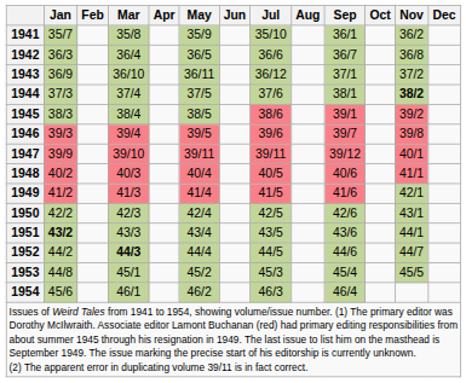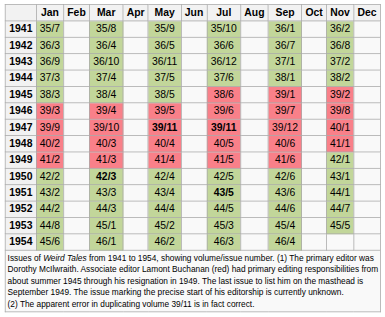 <table class="wikitable" style="font-size: 10pt; line-height: 11pt; margin-left: 2em; text-align: center; float: right">
 <tr>
 <th></th>
 <th>Jan</th>
 <th>Feb</th>
 <th>Mar</th>
 <th>Apr</th>
 <th>May</th>
 <th>Jun</th>
 <th>Jul</th>
 <th>Aug</th>
 <th>Sep</th>
 <th>Oct</th>
 <th>Nov</th>
 <th>Dec</th>
 </tr>
 <tr>
 <th>1941</th>
 <td style="background:#c2d69a;">35/7</td>
 <td></td>
 <td style="background:#c2d69a;">35/8</td>
 <td></td>
 <td style="background:#c2d69a;">35/9</td>
 <td></td>
 <td style="background:#c2d69a;">35/10</td>
 <td></td>
 <td style="background:#c2d69a;">36/1</td>
 <td></td>
 <td style="background:#c2d69a;">36/2</td>
 <td></td>
 </tr>
 <tr>
 <th>1942</th>
 <td style="background:#c2d69a;">36/3</td>
 <td></td>
 <td style="background:#c2d69a;">36/4</td>
 <td></td>
 <td style="background:#c2d69a;">36/5</td>
 <td></td>
 <td style="background:#c2d69a;">36/6</td>
 <td></td>
 <td style="background:#c2d69a;">36/7</td>
 <td></td>
 <td style="background:#c2d69a;">36/8</td>
 <td></td>
 </tr>
 <tr>
 <th>1943</th>
 <td style="background:#c2d69a;">36/9</td>
 <td></td>
 <td style="background:#c2d69a;">36/10</td>
 <td></td>
 <td style="background:#c2d69a;">36/11</td>
 <td></td>
 <td style="background:#c2d69a;">36/12</td>
 <td></td>
 <td style="background:#c2d69a;">37/1</td>
 <td></td>
 <td style="background:#c2d69a;">37/2</td>
 <td></td>
 </tr>
 <tr>
 <th>1944</th>
 <td style="background:#c2d69a;">37/3</td>
 <td></td>
 <td style="background:#c2d69a;">37/4</td>
 <td></td>
 <td style="background:#c2d69a;">37/5</td>
 <td></td>
 <td style="background:#c2d69a;">37/6</td>
 <td></td>
 <td style="background:#c2d69a;">38/1</td>
 <td></td>
-<td style="background:#c2d69a;"><strong>38/2</strong></td>
+<td style="background:#c2d69a;">38/2</td>
 <td></td>
 </tr>
 <tr>
 <th>1945</th>
 <td style="background:#c2d69a;">38/3</td>
 <td></td>
 <td style="background:#c2d69a;">38/4</td>
 <td></td>
 <td style="background:#c2d69a;">38/5</td>
 <td></td>
 <td style="background:#f98089;">38/6</td>
 <td></td>
 <td style="background:#f98089;">39/1</td>
 <td></td>
 <td style="background:#f98089;">39/2</td>
 <td></td>
 </tr>
 <tr>
 <th>1946</th>
 <td style="background:#f98089;">39/3</td>
 <td></td>
 <td style="background:#f98089;">39/4</td>
 <td></td>
 <td style="background:#f98089;">39/5</td>
 <td></td>
 <td style="background:#f98089;">39/6</td>
 <td></td>
 <td style="background:#f98089;">39/7</td>
 <td></td>
 <td style="background:#f98089;">39/8</td>
 <td></td>
 </tr>
 <tr>
 <th>1947</th>
 <td style="background:#f98089;">39/9</td>
 <td></td>
 <td style="background:#f98089;">39/10</td>
 <td></td>
-<td style="background:#f98089;">39/11</td>
+<td style="background:#f98089;"><strong>39/11</strong></td>
 <td></td>
-<td style="background:#f98089;">39/11</td>
+<td style="background:#f98089;"><strong>39/11</strong></td>
 <td></td>
 <td style="background:#f98089;">39/12</td>
 <td></td>
 <td style="background:#f98089;">40/1</td>
 <td></td>
 </tr>
 <tr>
 <th>1948</th>
 <td style="background:#f98089;">40/2</td>
 <td></td>
 <td style="background:#f98089;">40/3</td>
 <td></td>
 <td style="background:#f98089;">40/4</td>
 <td></td>
 <td style="background:#f98089;">40/5</td>
 <td></td>
 <td style="background:#f98089;">40/6</td>
 <td></td>
 <td style="background:#f98089;">41/1</td>
 <td></td>
 </tr>
 <tr>
 <th>1949</th>
 <td style="background:#f98089;">41/2</td>
 <td></td>
 <td style="background:#f98089;">41/3</td>
 <td></td>
 <td style="background:#f98089;">41/4</td>
 <td></td>
 <td style="background:#f98089;">41/5</td>
 <td></td>
 <td style="background:#f98089;">41/6</td>
 <td></td>
 <td style="background:#c2d69a;">42/1</td>
 <td></td>
 </tr>
 <tr>
 <th>1950</th>
 <td style="background:#c2d69a;">42/2</td>
 <td></td>
-<td style="background:#c2d69a;">42/3</td>
+<td style="background:#c2d69a;"><strong>42/3</strong></td>
 <td></td>
 <td style="background:#c2d69a;">42/4</td>
 <td></td>
 <td style="background:#c2d69a;">42/5</td>
 <td></td>
 <td style="background:#c2d69a;">42/6</td>
 <td></td>
 <td style="background:#c2d69a;">43/1</td>
 <td></td>
 </tr>
 <tr>
 <th>1951</th>
-<td style="background:#c2d69a;"><strong>43/2</strong></td>
+<td style="background:#c2d69a;">43/2</td>
 <td></td>
 <td style="background:#c2d69a;">43/3</td>
 <td></td>
 <td style="background:#c2d69a;">43/4</td>
 <td></td>
-<td style="background:#c2d69a;">43/5</td>
+<td style="background:#c2d69a;"><strong>43/5</strong></td>
 <td></td>
 <td style="background:#c2d69a;">43/6</td>
 <td></td>
 <td style="background:#c2d69a;">44/1</td>
 <td></td>
 </tr>
 <tr>
 <th>1952</th>
 <td style="background:#c2d69a;">44/2</td>
 <td></td>
-<td style="background:#c2d69a;"><strong>44/3</strong></td>
+<td style="background:#c2d69a;">44/3</td>
 <td></td>
 <td style="background:#c2d69a;">44/4</td>
 <td></td>
 <td style="background:#c2d69a;">44/5</td>
 <td></td>
 <td style="background:#c2d69a;">44/6</td>
 <td></td>
 <td style="background:#c2d69a;">44/7</td>
 <td></td>
 </tr>
 <tr>
 <th>1953</th>
 <td style="background:#c2d69a;">44/8</td>
 <td></td>
 <td style="background:#c2d69a;">45/1</td>
 <td></td>
 <td style="background:#c2d69a;">45/2</td>
 <td></td>
 <td style="background:#c2d69a;">45/3</td>
 <td></td>
 <td style="background:#c2d69a;">45/4</td>
 <td></td>
 <td style="background:#c2d69a;">45/5</td>
 <td></td>
 </tr>
 <tr>
 <th>1954</th>
 <td style="background:#c2d69a;">45/6</td>
 <td></td>
 <td style="background:#c2d69a;">46/1</td>
 <td></td>
 <td style="background:#c2d69a;">46/2</td>
 <td></td>
 <td style="background:#c2d69a;">46/3</td>
 <td></td>
 <td style="background:#c2d69a;">46/4</td>
 <td></td>
 <td></td>
 <td></td>
 </tr>
 <tr>
 <td colspan="13" style="font-size: 8pt; text-align:left">Issues of <em>Weird Tales</em> from 1941 to 1954, showing volume/issue number.  (1) The primary editor was<br> Dorothy McIlwraith. Associate editor Lamont Buchanan (red) had primary editing responsibilities from<br> about summer 1945 through his resignation in 1949. The last issue to list him on the masthead is<br> September 1949. The issue marking the precise start of his editorship is currently unknown. <br>(2) The apparent error in duplicating volume 39/11 is in fact correct.</td>
 </tr>
 </table>
